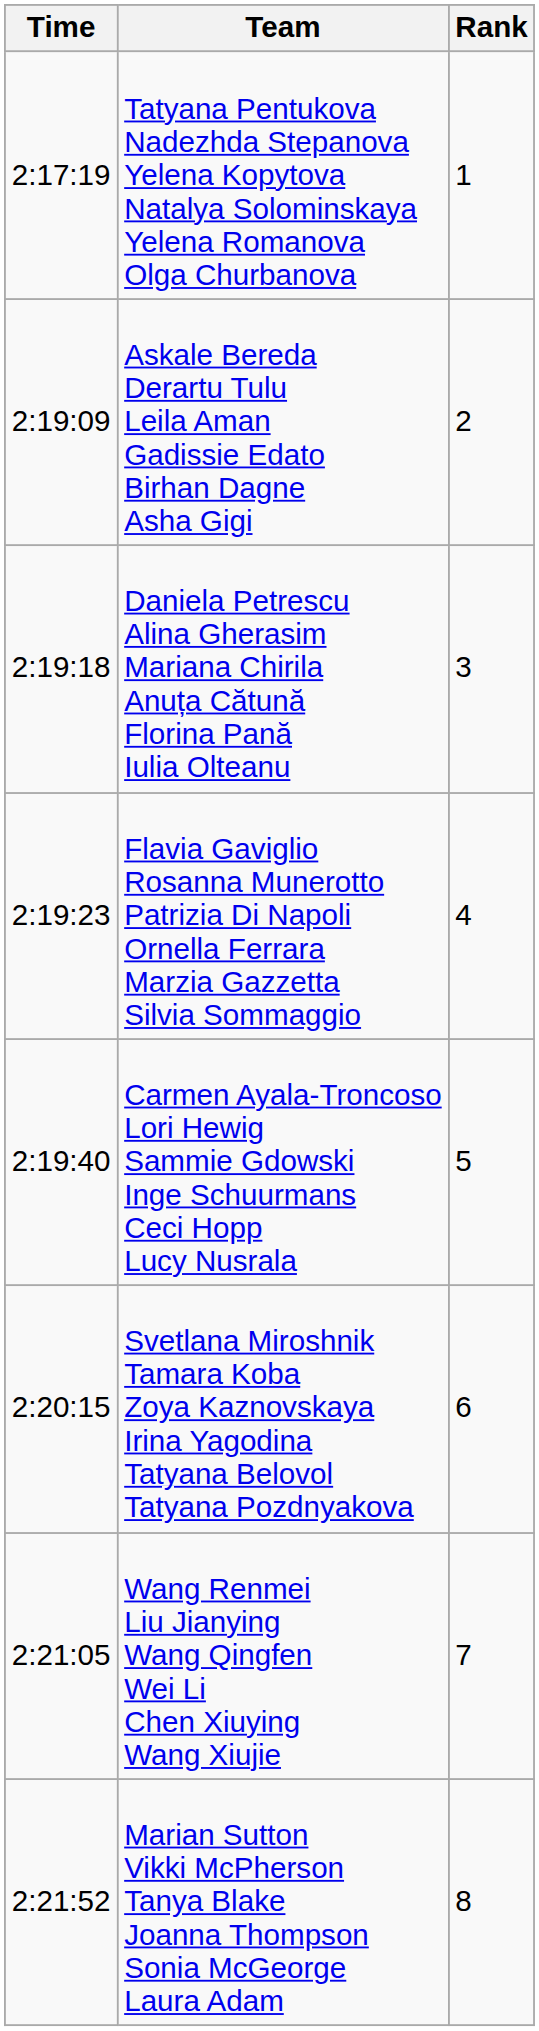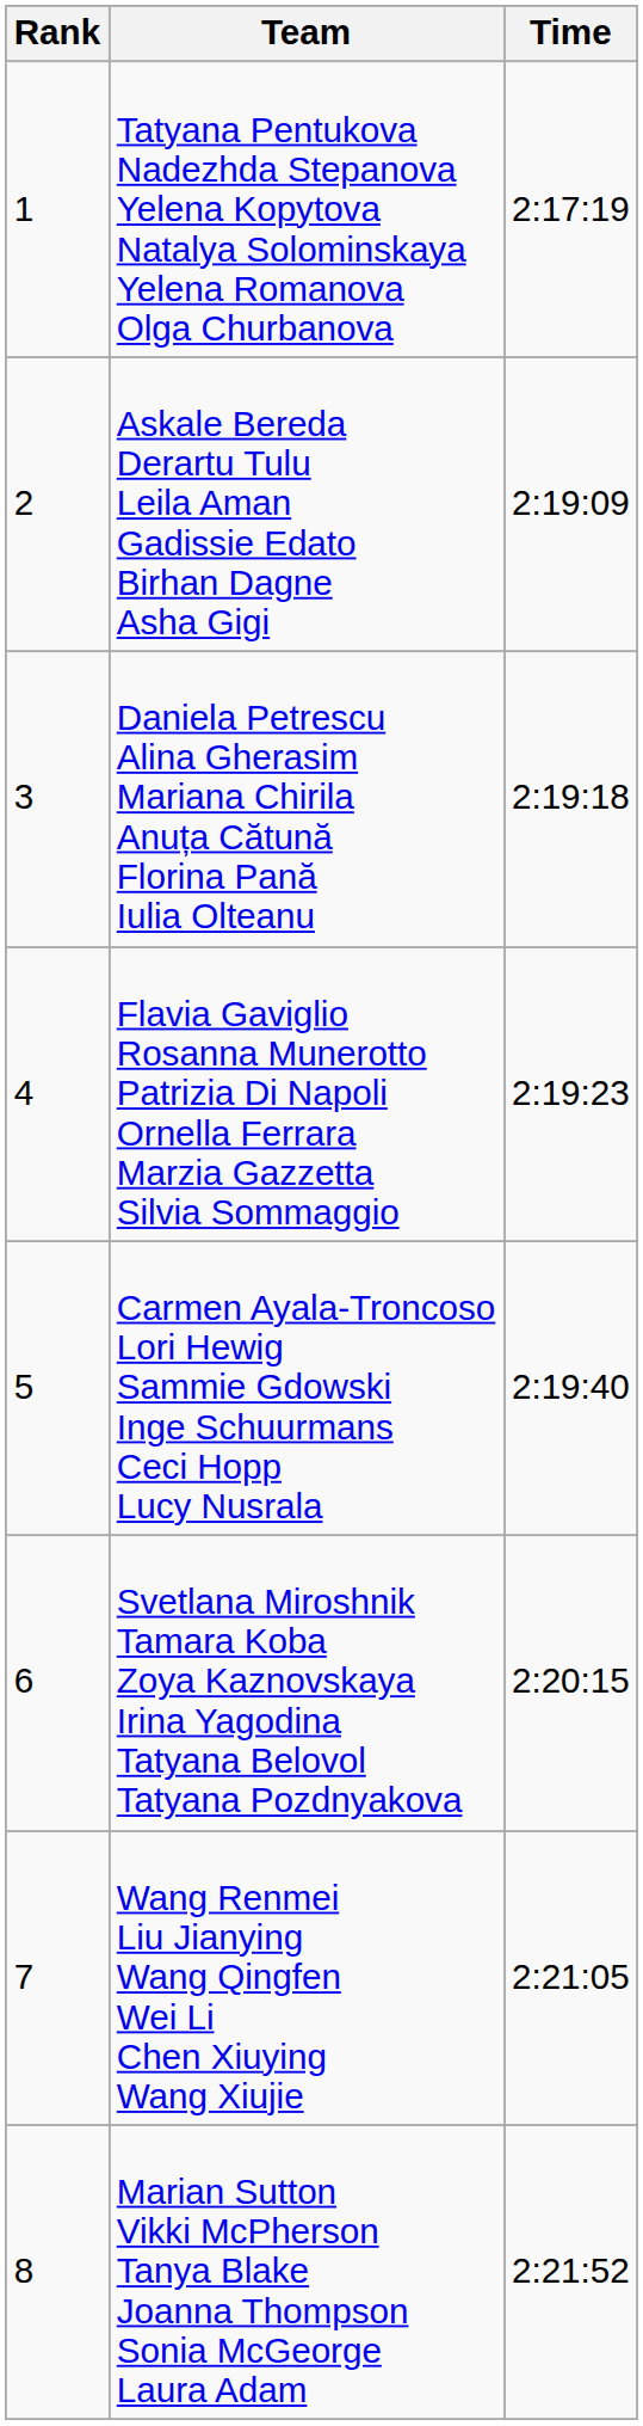 <table class=wikitable>
 <tr>
+<th>Rank</th>
+<th>Team</th>
 <th>Time</th>
-<th>Team</th>
-<th>Rank</th>
 </tr>
 <tr>
+<td>1</td>
+<td><br><a href='#'>Tatyana Pentukova</a><br><a href='#'>Nadezhda Stepanova</a><br><a href='#'>Yelena Kopytova</a><br><a href='#'>Natalya Solominskaya</a><br><a href='#'>Yelena Romanova</a><br><a href='#'>Olga Churbanova</a></td>
 <td>2:17:19</td>
-<td><br><a href='#'>Tatyana Pentukova</a><br><a href='#'>Nadezhda Stepanova</a><br><a href='#'>Yelena Kopytova</a><br><a href='#'>Natalya Solominskaya</a><br><a href='#'>Yelena Romanova</a><br><a href='#'>Olga Churbanova</a></td>
-<td>1</td>
 </tr>
 <tr>
+<td>2</td>
+<td><br><a href='#'>Askale Bereda</a><br><a href='#'>Derartu Tulu</a><br><a href='#'>Leila Aman</a><br><a href='#'>Gadissie Edato</a><br><a href='#'>Birhan Dagne</a><br><a href='#'>Asha Gigi</a></td>
 <td>2:19:09</td>
-<td><br><a href='#'>Askale Bereda</a><br><a href='#'>Derartu Tulu</a><br><a href='#'>Leila Aman</a><br><a href='#'>Gadissie Edato</a><br><a href='#'>Birhan Dagne</a><br><a href='#'>Asha Gigi</a></td>
-<td>2</td>
 </tr>
 <tr>
+<td>3</td>
+<td><br><a href='#'>Daniela Petrescu</a><br><a href='#'>Alina Gherasim</a><br><a href='#'>Mariana Chirila</a><br><a href='#'>Anuța Cătună</a><br><a href='#'>Florina Pană</a><br><a href='#'>Iulia Olteanu</a></td>
 <td>2:19:18</td>
-<td><br><a href='#'>Daniela Petrescu</a><br><a href='#'>Alina Gherasim</a><br><a href='#'>Mariana Chirila</a><br><a href='#'>Anuța Cătună</a><br><a href='#'>Florina Pană</a><br><a href='#'>Iulia Olteanu</a></td>
-<td>3</td>
 </tr>
 <tr>
+<td>4</td>
+<td><br><a href='#'>Flavia Gaviglio</a><br><a href='#'>Rosanna Munerotto</a><br><a href='#'>Patrizia Di Napoli</a><br><a href='#'>Ornella Ferrara</a><br><a href='#'>Marzia Gazzetta</a><br><a href='#'>Silvia Sommaggio</a></td>
 <td>2:19:23</td>
-<td><br><a href='#'>Flavia Gaviglio</a><br><a href='#'>Rosanna Munerotto</a><br><a href='#'>Patrizia Di Napoli</a><br><a href='#'>Ornella Ferrara</a><br><a href='#'>Marzia Gazzetta</a><br><a href='#'>Silvia Sommaggio</a></td>
-<td>4</td>
 </tr>
 <tr>
+<td>5</td>
+<td><br><a href='#'>Carmen Ayala-Troncoso</a><br><a href='#'>Lori Hewig</a><br><a href='#'>Sammie Gdowski</a><br><a href='#'>Inge Schuurmans</a><br><a href='#'>Ceci Hopp</a><br><a href='#'>Lucy Nusrala</a></td>
 <td>2:19:40</td>
-<td><br><a href='#'>Carmen Ayala-Troncoso</a><br><a href='#'>Lori Hewig</a><br><a href='#'>Sammie Gdowski</a><br><a href='#'>Inge Schuurmans</a><br><a href='#'>Ceci Hopp</a><br><a href='#'>Lucy Nusrala</a></td>
-<td>5</td>
 </tr>
 <tr>
+<td>6</td>
+<td><br><a href='#'>Svetlana Miroshnik</a><br><a href='#'>Tamara Koba</a><br><a href='#'>Zoya Kaznovskaya</a><br><a href='#'>Irina Yagodina</a><br><a href='#'>Tatyana Belovol</a><br><a href='#'>Tatyana Pozdnyakova</a></td>
 <td>2:20:15</td>
-<td><br><a href='#'>Svetlana Miroshnik</a><br><a href='#'>Tamara Koba</a><br><a href='#'>Zoya Kaznovskaya</a><br><a href='#'>Irina Yagodina</a><br><a href='#'>Tatyana Belovol</a><br><a href='#'>Tatyana Pozdnyakova</a></td>
-<td>6</td>
 </tr>
 <tr>
+<td>7</td>
+<td><br><a href='#'>Wang Renmei</a><br><a href='#'>Liu Jianying</a><br><a href='#'>Wang Qingfen</a><br><a href='#'>Wei Li</a><br><a href='#'>Chen Xiuying</a><br><a href='#'>Wang Xiujie</a></td>
 <td>2:21:05</td>
-<td><br><a href='#'>Wang Renmei</a><br><a href='#'>Liu Jianying</a><br><a href='#'>Wang Qingfen</a><br><a href='#'>Wei Li</a><br><a href='#'>Chen Xiuying</a><br><a href='#'>Wang Xiujie</a></td>
-<td>7</td>
 </tr>
 <tr>
+<td>8</td>
+<td><br><a href='#'>Marian Sutton</a><br><a href='#'>Vikki McPherson</a><br><a href='#'>Tanya Blake</a><br><a href='#'>Joanna Thompson</a><br><a href='#'>Sonia McGeorge</a><br><a href='#'>Laura Adam</a></td>
 <td>2:21:52</td>
-<td><br><a href='#'>Marian Sutton</a><br><a href='#'>Vikki McPherson</a><br><a href='#'>Tanya Blake</a><br><a href='#'>Joanna Thompson</a><br><a href='#'>Sonia McGeorge</a><br><a href='#'>Laura Adam</a></td>
-<td>8</td>
 </tr>
 </table>
